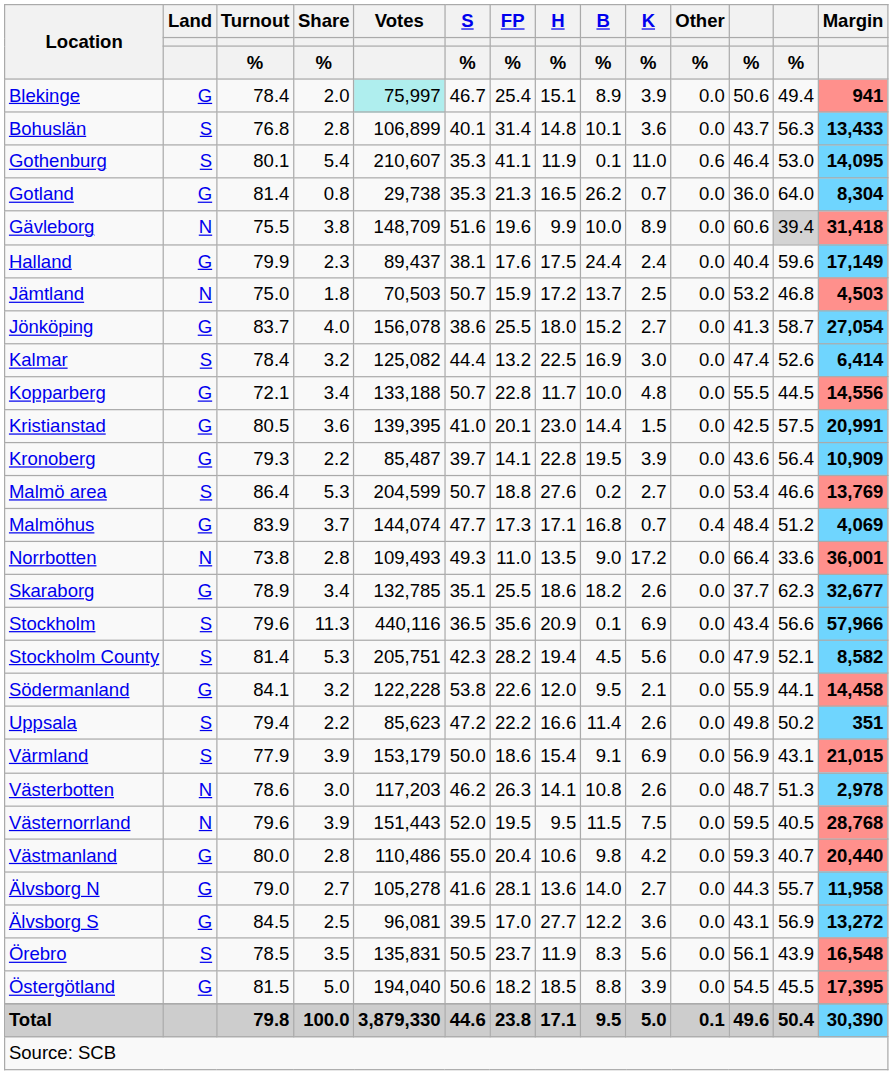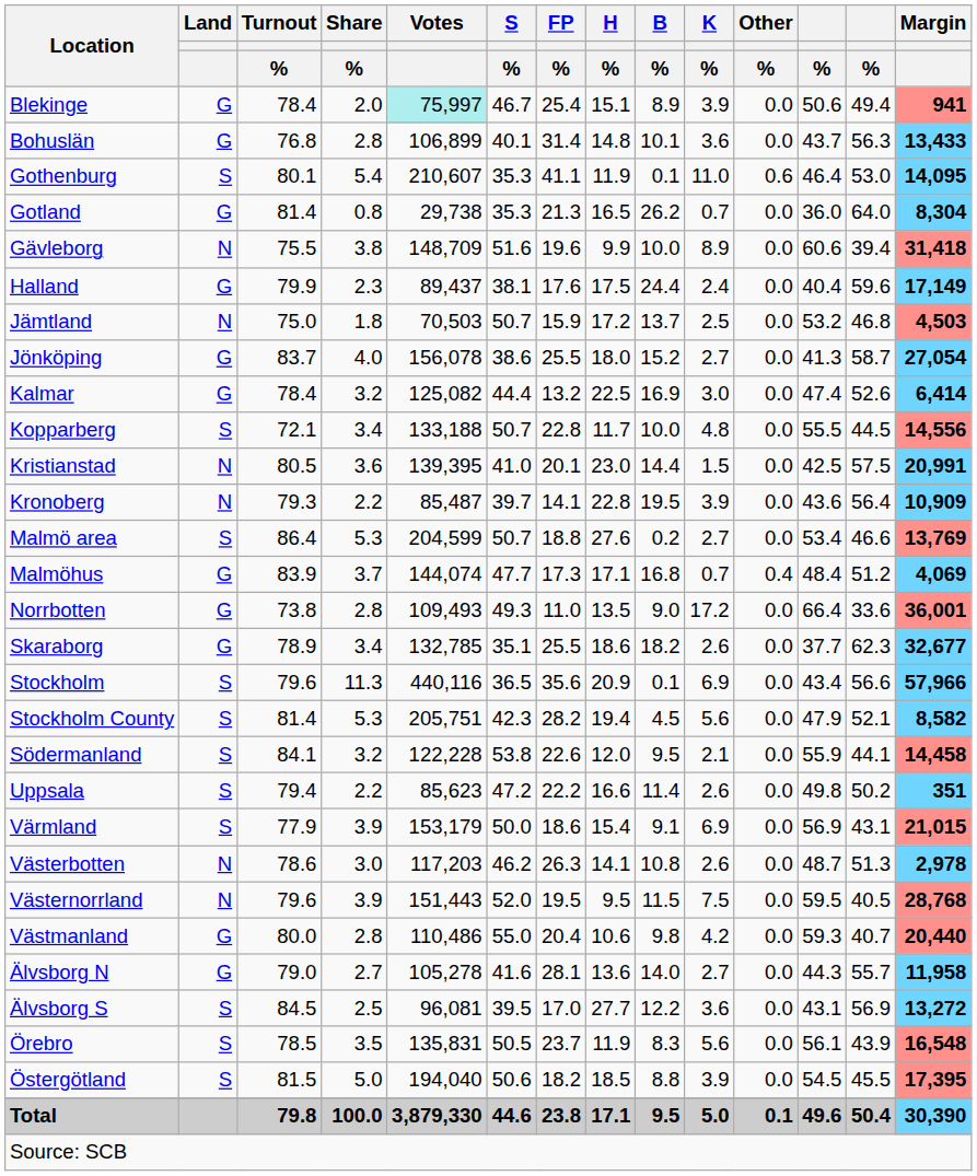 <table class="wikitable sortable" style="text-align:right; font-size:95%; line-height:20px;">
 <tr>
 <th rowspan="3">Location</th>
 <th>Land</th>
 <th>Turnout</th>
 <th>Share</th>
 <th>Votes</th>
 <th width="30px" class="unsortable"><a href='#'>S</a></th>
 <th width="30px" class="unsortable"><a href='#'>FP</a></th>
 <th width="30px" class="unsortable"><a href='#'>H</a></th>
 <th width="30px" class="unsortable"><a href='#'>B</a></th>
 <th width="30px" class="unsortable"><a href='#'>K</a></th>
 <th width="30px" class="unsortable">Other</th>
 <th></th>
 <th></th>
 <th>Margin</th>
 </tr>
 <tr>
 <th></th>
 <th></th>
 <th></th>
 <th></th>
 <th style="background:"></th>
 <th style="background:"></th>
 <th style="background:"></th>
 <th style="background:"></th>
 <th style="background:"></th>
 <th style="background:"></th>
 <th style="background:"></th>
 <th style="background:"></th>
 <th></th>
 </tr>
 <tr>
 <th></th>
 <th data-sort-type="number">%</th>
 <th data-sort-type="number">%</th>
 <th></th>
 <th data-sort-type="number">%</th>
 <th data-sort-type="number">%</th>
 <th data-sort-type="number">%</th>
 <th data-sort-type="number">%</th>
 <th data-sort-type="number">%</th>
 <th data-sort-type="number">%</th>
 <th data-sort-type="number">%</th>
 <th data-sort-type="number">%</th>
 <th></th>
 </tr>
 <tr>
 <td align=left><a href='#'>Blekinge</a></td>
 <td><a href='#'>G</a></td>
 <td>78.4</td>
 <td>2.0</td>
 <td style="background: paleturquoise;">75,997</td>
 <td>46.7</td>
 <td>25.4</td>
 <td>15.1</td>
 <td>8.9</td>
 <td>3.9</td>
 <td>0.0</td>
 <td>50.6</td>
 <td>49.4</td>
 <td bgcolor=#ff908c><strong>941</strong></td>
 </tr>
 <tr>
 <td align=left><a href='#'>Bohuslän</a></td>
-<td><a href='#'>S</a></td>
+<td><a href='#'>G</a></td>
 <td>76.8</td>
 <td>2.8</td>
 <td>106,899</td>
 <td>40.1</td>
 <td>31.4</td>
 <td>14.8</td>
 <td>10.1</td>
 <td>3.6</td>
 <td>0.0</td>
 <td>43.7</td>
 <td>56.3</td>
 <td bgcolor=#6fd5fe><strong>13,433</strong></td>
 </tr>
 <tr>
 <td align=left><a href='#'>Gothenburg</a></td>
 <td><a href='#'>S</a></td>
 <td>80.1</td>
 <td>5.4</td>
 <td>210,607</td>
 <td>35.3</td>
 <td>41.1</td>
 <td>11.9</td>
 <td>0.1</td>
 <td>11.0</td>
 <td>0.6</td>
 <td>46.4</td>
 <td>53.0</td>
 <td bgcolor=#6fd5fe><strong>14,095</strong></td>
 </tr>
 <tr>
 <td align=left><a href='#'>Gotland</a></td>
 <td><a href='#'>G</a></td>
 <td>81.4</td>
 <td>0.8</td>
 <td>29,738</td>
 <td>35.3</td>
 <td>21.3</td>
 <td>16.5</td>
 <td>26.2</td>
 <td>0.7</td>
 <td>0.0</td>
 <td>36.0</td>
 <td>64.0</td>
 <td bgcolor=#6fd5fe><strong>8,304</strong></td>
 </tr>
 <tr>
 <td align=left><a href='#'>Gävleborg</a></td>
 <td><a href='#'>N</a></td>
 <td>75.5</td>
 <td>3.8</td>
 <td>148,709</td>
 <td>51.6</td>
 <td>19.6</td>
 <td>9.9</td>
 <td>10.0</td>
 <td>8.9</td>
 <td>0.0</td>
 <td>60.6</td>
-<td style="background: lightgrey;">39.4</td>
+<td>39.4</td>
 <td bgcolor=#ff908c><strong>31,418</strong></td>
 </tr>
 <tr>
 <td align=left><a href='#'>Halland</a></td>
 <td><a href='#'>G</a></td>
 <td>79.9</td>
 <td>2.3</td>
 <td>89,437</td>
 <td>38.1</td>
 <td>17.6</td>
 <td>17.5</td>
 <td>24.4</td>
 <td>2.4</td>
 <td>0.0</td>
 <td>40.4</td>
 <td>59.6</td>
 <td bgcolor=#6fd5fe><strong>17,149</strong></td>
 </tr>
 <tr>
 <td align=left><a href='#'>Jämtland</a></td>
 <td><a href='#'>N</a></td>
 <td>75.0</td>
 <td>1.8</td>
 <td>70,503</td>
 <td>50.7</td>
 <td>15.9</td>
 <td>17.2</td>
 <td>13.7</td>
 <td>2.5</td>
 <td>0.0</td>
 <td>53.2</td>
 <td>46.8</td>
 <td bgcolor=#ff908c><strong>4,503</strong></td>
 </tr>
 <tr>
 <td align=left><a href='#'>Jönköping</a></td>
 <td><a href='#'>G</a></td>
 <td>83.7</td>
 <td>4.0</td>
 <td>156,078</td>
 <td>38.6</td>
 <td>25.5</td>
 <td>18.0</td>
 <td>15.2</td>
 <td>2.7</td>
 <td>0.0</td>
 <td>41.3</td>
 <td>58.7</td>
 <td bgcolor=#6fd5fe><strong>27,054</strong></td>
 </tr>
 <tr>
 <td align=left><a href='#'>Kalmar</a></td>
-<td><a href='#'>S</a></td>
+<td><a href='#'>G</a></td>
 <td>78.4</td>
 <td>3.2</td>
 <td>125,082</td>
 <td>44.4</td>
 <td>13.2</td>
 <td>22.5</td>
 <td>16.9</td>
 <td>3.0</td>
 <td>0.0</td>
 <td>47.4</td>
 <td>52.6</td>
 <td bgcolor=#6fd5fe><strong>6,414</strong></td>
 </tr>
 <tr>
 <td align=left><a href='#'>Kopparberg</a></td>
-<td><a href='#'>G</a></td>
+<td><a href='#'>S</a></td>
 <td>72.1</td>
 <td>3.4</td>
 <td>133,188</td>
 <td>50.7</td>
 <td>22.8</td>
 <td>11.7</td>
 <td>10.0</td>
 <td>4.8</td>
 <td>0.0</td>
 <td>55.5</td>
 <td>44.5</td>
 <td bgcolor=#ff908c><strong>14,556</strong></td>
 </tr>
 <tr>
 <td align=left><a href='#'>Kristianstad</a></td>
-<td><a href='#'>G</a></td>
+<td><a href='#'>N</a></td>
 <td>80.5</td>
 <td>3.6</td>
 <td>139,395</td>
 <td>41.0</td>
 <td>20.1</td>
 <td>23.0</td>
 <td>14.4</td>
 <td>1.5</td>
 <td>0.0</td>
 <td>42.5</td>
 <td>57.5</td>
 <td bgcolor=#6fd5fe><strong>20,991</strong></td>
 </tr>
 <tr>
 <td align=left><a href='#'>Kronoberg</a></td>
-<td><a href='#'>G</a></td>
+<td><a href='#'>N</a></td>
 <td>79.3</td>
 <td>2.2</td>
 <td>85,487</td>
 <td>39.7</td>
 <td>14.1</td>
 <td>22.8</td>
 <td>19.5</td>
 <td>3.9</td>
 <td>0.0</td>
 <td>43.6</td>
 <td>56.4</td>
 <td bgcolor=#6fd5fe><strong>10,909</strong></td>
 </tr>
 <tr>
 <td align=left><a href='#'>Malmö area</a></td>
 <td><a href='#'>S</a></td>
 <td>86.4</td>
 <td>5.3</td>
 <td>204,599</td>
 <td>50.7</td>
 <td>18.8</td>
 <td>27.6</td>
 <td>0.2</td>
 <td>2.7</td>
 <td>0.0</td>
 <td>53.4</td>
 <td>46.6</td>
 <td bgcolor=#ff908c><strong>13,769</strong></td>
 </tr>
 <tr>
 <td align=left><a href='#'>Malmöhus</a></td>
 <td><a href='#'>G</a></td>
 <td>83.9</td>
 <td>3.7</td>
 <td>144,074</td>
 <td>47.7</td>
 <td>17.3</td>
 <td>17.1</td>
 <td>16.8</td>
 <td>0.7</td>
 <td>0.4</td>
 <td>48.4</td>
 <td>51.2</td>
 <td bgcolor=#6fd5fe><strong>4,069</strong></td>
 </tr>
 <tr>
 <td align=left><a href='#'>Norrbotten</a></td>
-<td><a href='#'>N</a></td>
+<td><a href='#'>G</a></td>
 <td>73.8</td>
 <td>2.8</td>
 <td>109,493</td>
 <td>49.3</td>
 <td>11.0</td>
 <td>13.5</td>
 <td>9.0</td>
 <td>17.2</td>
 <td>0.0</td>
 <td>66.4</td>
 <td>33.6</td>
 <td bgcolor=#ff908c><strong>36,001</strong></td>
 </tr>
 <tr>
 <td align=left><a href='#'>Skaraborg</a></td>
 <td><a href='#'>G</a></td>
 <td>78.9</td>
 <td>3.4</td>
 <td>132,785</td>
 <td>35.1</td>
 <td>25.5</td>
 <td>18.6</td>
 <td>18.2</td>
 <td>2.6</td>
 <td>0.0</td>
 <td>37.7</td>
 <td>62.3</td>
 <td bgcolor=#6fd5fe><strong>32,677</strong></td>
 </tr>
 <tr>
 <td align=left><a href='#'>Stockholm</a></td>
 <td><a href='#'>S</a></td>
 <td>79.6</td>
 <td>11.3</td>
 <td>440,116</td>
 <td>36.5</td>
 <td>35.6</td>
 <td>20.9</td>
 <td>0.1</td>
 <td>6.9</td>
 <td>0.0</td>
 <td>43.4</td>
 <td>56.6</td>
 <td bgcolor=#6fd5fe><strong>57,966</strong></td>
 </tr>
 <tr>
 <td align=left><a href='#'>Stockholm County</a></td>
 <td><a href='#'>S</a></td>
 <td>81.4</td>
 <td>5.3</td>
 <td>205,751</td>
 <td>42.3</td>
 <td>28.2</td>
 <td>19.4</td>
 <td>4.5</td>
 <td>5.6</td>
 <td>0.0</td>
 <td>47.9</td>
 <td>52.1</td>
 <td bgcolor=#6fd5fe><strong>8,582</strong></td>
 </tr>
 <tr>
 <td align=left><a href='#'>Södermanland</a></td>
-<td><a href='#'>G</a></td>
+<td><a href='#'>S</a></td>
 <td>84.1</td>
 <td>3.2</td>
 <td>122,228</td>
 <td>53.8</td>
 <td>22.6</td>
 <td>12.0</td>
 <td>9.5</td>
 <td>2.1</td>
 <td>0.0</td>
 <td>55.9</td>
 <td>44.1</td>
 <td bgcolor=#ff908c><strong>14,458</strong></td>
 </tr>
 <tr>
 <td align=left><a href='#'>Uppsala</a></td>
 <td><a href='#'>S</a></td>
 <td>79.4</td>
 <td>2.2</td>
 <td>85,623</td>
 <td>47.2</td>
 <td>22.2</td>
 <td>16.6</td>
 <td>11.4</td>
 <td>2.6</td>
 <td>0.0</td>
 <td>49.8</td>
 <td>50.2</td>
 <td bgcolor=#6fd5fe><strong>351</strong></td>
 </tr>
 <tr>
 <td align=left><a href='#'>Värmland</a></td>
 <td><a href='#'>S</a></td>
 <td>77.9</td>
 <td>3.9</td>
 <td>153,179</td>
 <td>50.0</td>
 <td>18.6</td>
 <td>15.4</td>
 <td>9.1</td>
 <td>6.9</td>
 <td>0.0</td>
 <td>56.9</td>
 <td>43.1</td>
 <td bgcolor=#ff908c><strong>21,015</strong></td>
 </tr>
 <tr>
 <td align=left><a href='#'>Västerbotten</a></td>
 <td><a href='#'>N</a></td>
 <td>78.6</td>
 <td>3.0</td>
 <td>117,203</td>
 <td>46.2</td>
 <td>26.3</td>
 <td>14.1</td>
 <td>10.8</td>
 <td>2.6</td>
 <td>0.0</td>
 <td>48.7</td>
 <td>51.3</td>
 <td bgcolor=#6fd5fe><strong>2,978</strong></td>
 </tr>
 <tr>
 <td align=left><a href='#'>Västernorrland</a></td>
 <td><a href='#'>N</a></td>
 <td>79.6</td>
 <td>3.9</td>
 <td>151,443</td>
 <td>52.0</td>
 <td>19.5</td>
 <td>9.5</td>
 <td>11.5</td>
 <td>7.5</td>
 <td>0.0</td>
 <td>59.5</td>
 <td>40.5</td>
 <td bgcolor=#ff908c><strong>28,768</strong></td>
 </tr>
 <tr>
 <td align=left><a href='#'>Västmanland</a></td>
 <td><a href='#'>G</a></td>
 <td>80.0</td>
 <td>2.8</td>
 <td>110,486</td>
 <td>55.0</td>
 <td>20.4</td>
 <td>10.6</td>
 <td>9.8</td>
 <td>4.2</td>
 <td>0.0</td>
 <td>59.3</td>
 <td>40.7</td>
 <td bgcolor=#ff908c><strong>20,440</strong></td>
 </tr>
 <tr>
 <td align=left><a href='#'>Älvsborg N</a></td>
 <td><a href='#'>G</a></td>
 <td>79.0</td>
 <td>2.7</td>
 <td>105,278</td>
 <td>41.6</td>
 <td>28.1</td>
 <td>13.6</td>
 <td>14.0</td>
 <td>2.7</td>
 <td>0.0</td>
 <td>44.3</td>
 <td>55.7</td>
 <td bgcolor=#6fd5fe><strong>11,958</strong></td>
 </tr>
 <tr>
 <td align=left><a href='#'>Älvsborg S</a></td>
-<td><a href='#'>G</a></td>
+<td><a href='#'>S</a></td>
 <td>84.5</td>
 <td>2.5</td>
 <td>96,081</td>
 <td>39.5</td>
 <td>17.0</td>
 <td>27.7</td>
 <td>12.2</td>
 <td>3.6</td>
 <td>0.0</td>
 <td>43.1</td>
 <td>56.9</td>
 <td bgcolor=#6fd5fe><strong>13,272</strong></td>
 </tr>
 <tr>
 <td align=left><a href='#'>Örebro</a></td>
 <td><a href='#'>S</a></td>
 <td>78.5</td>
 <td>3.5</td>
 <td>135,831</td>
 <td>50.5</td>
 <td>23.7</td>
 <td>11.9</td>
 <td>8.3</td>
 <td>5.6</td>
 <td>0.0</td>
 <td>56.1</td>
 <td>43.9</td>
 <td bgcolor=#ff908c><strong>16,548</strong></td>
 </tr>
 <tr>
 <td align=left><a href='#'>Östergötland</a></td>
-<td><a href='#'>G</a></td>
+<td><a href='#'>S</a></td>
 <td>81.5</td>
 <td>5.0</td>
 <td>194,040</td>
 <td>50.6</td>
 <td>18.2</td>
 <td>18.5</td>
 <td>8.8</td>
 <td>3.9</td>
 <td>0.0</td>
 <td>54.5</td>
 <td>45.5</td>
 <td bgcolor=#ff908c><strong>17,395</strong></td>
 </tr>
 <tr>
 </tr>
 <tr style="background:#CDCDCD;">
 <td align=left><strong>Total</strong></td>
 <td></td>
 <td><strong>79.8</strong></td>
 <td><strong>100.0</strong></td>
 <td><strong>3,879,330</strong></td>
 <td><strong>44.6</strong></td>
 <td><strong>23.8</strong></td>
 <td><strong>17.1</strong></td>
 <td><strong>9.5</strong></td>
 <td><strong>5.0</strong></td>
 <td><strong>0.1</strong></td>
 <td><strong>49.6</strong></td>
 <td><strong>50.4</strong></td>
 <td bgcolor=#6fd5fe><strong>30,390</strong></td>
 </tr>
 <tr>
 <td align=left colspan=14>Source: SCB </td>
 </tr>
 </table>
